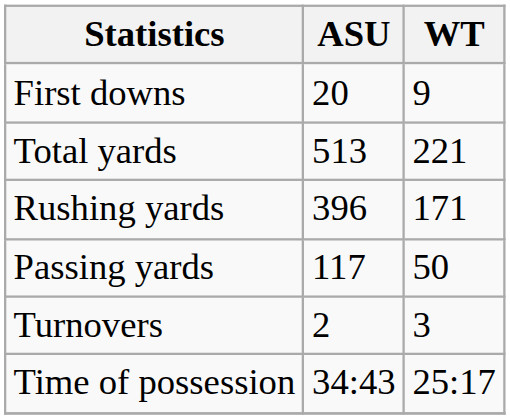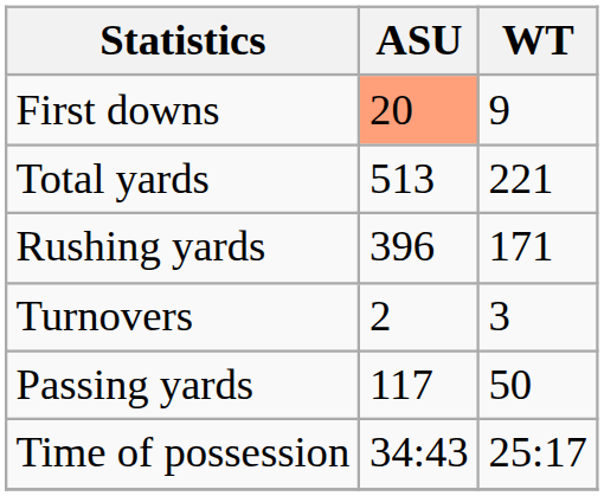 <table class="wikitable" style="float: left;">
 <tr>
 <th>Statistics</th>
 <th>ASU</th>
 <th>WT</th>
 </tr>
 <tr>
 <td>First downs</td>
-<td>20</td>
+<td style="background: lightsalmon;">20</td>
 <td>9</td>
 </tr>
 <tr>
 <td>Total yards</td>
 <td>513</td>
 <td>221</td>
 </tr>
 <tr>
 <td>Rushing yards</td>
 <td>396</td>
 <td>171</td>
 </tr>
 <tr>
+<td>Turnovers</td>
+<td>2</td>
+<td>3</td>
+</tr>
+<tr>
 <td>Passing yards</td>
 <td>117</td>
 <td>50</td>
-</tr>
-<tr>
-<td>Turnovers</td>
-<td>2</td>
-<td>3</td>
 </tr>
 <tr>
 <td>Time of possession</td>
 <td>34:43</td>
 <td>25:17</td>
 </tr>
 <tr>
 </tr>
 </table>
